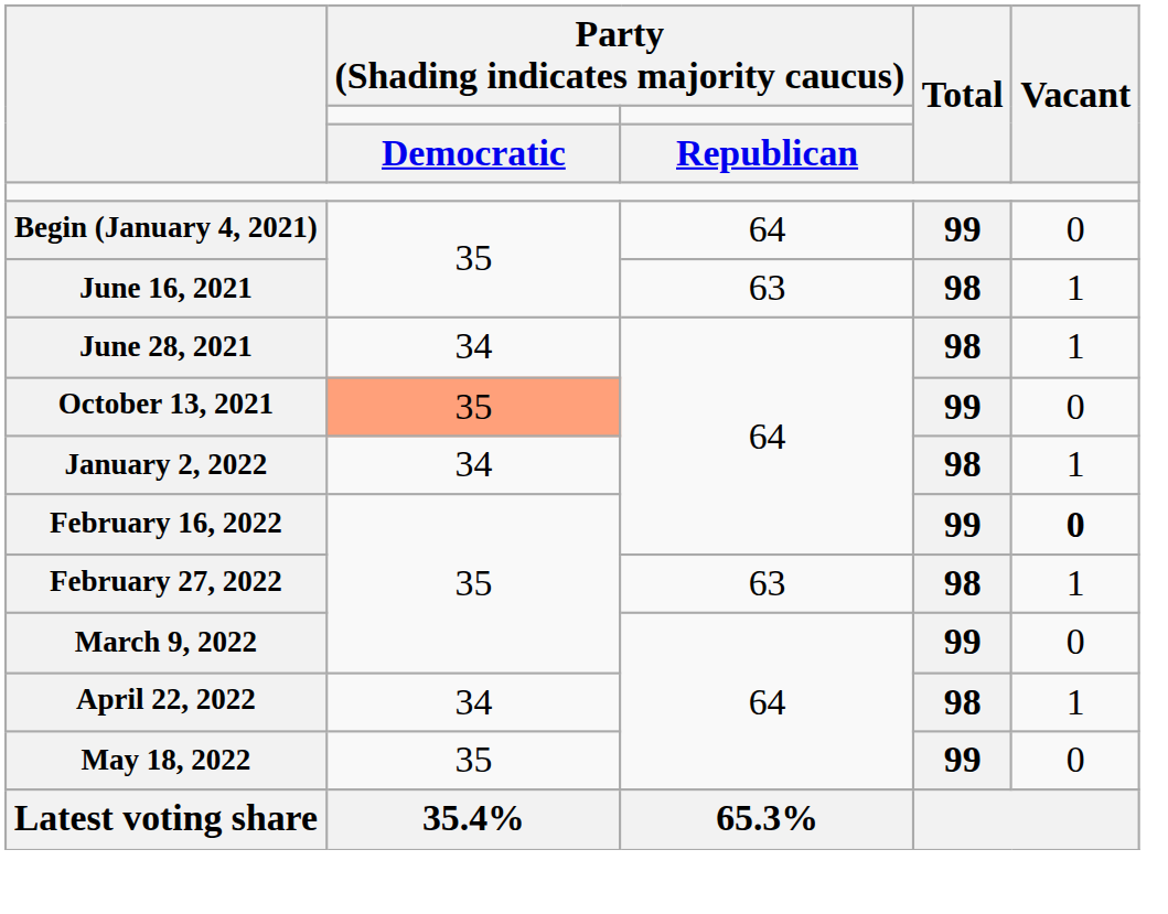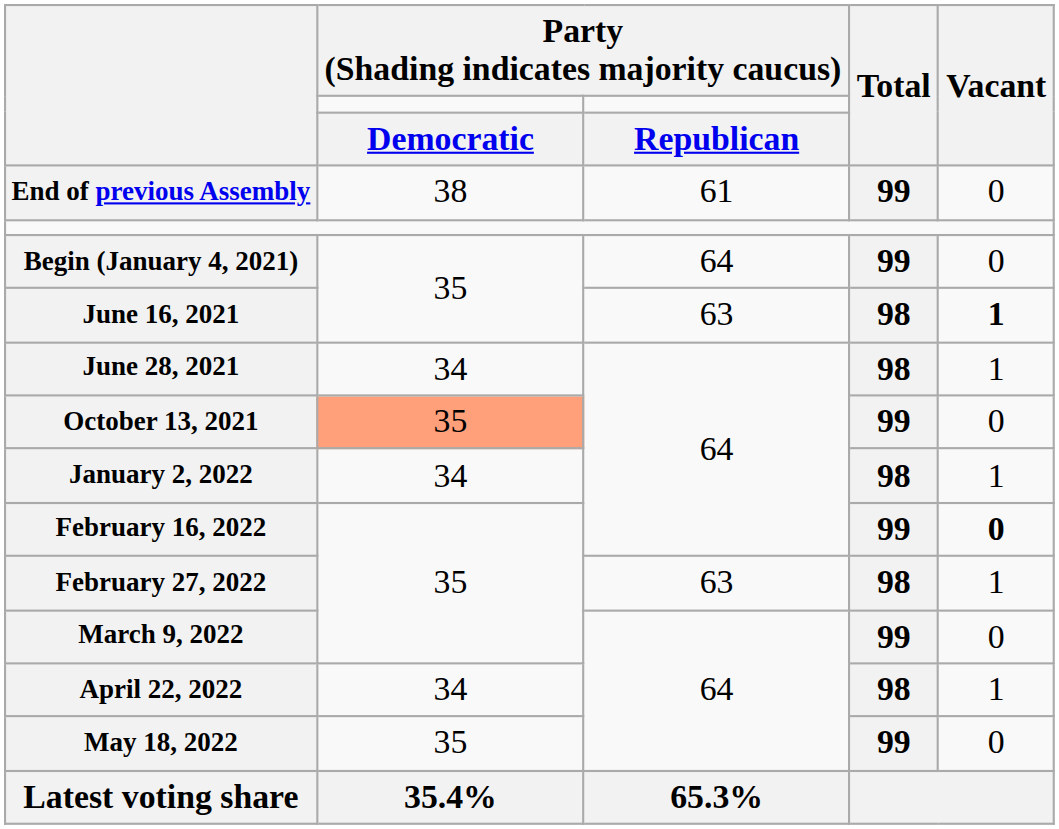 <table class="wikitable" style="text-align:center">
 <tr>
 <th rowspan="3"></th>
 <th colspan="2">Party <div>(Shading indicates majority caucus)</div></th>
 <th rowspan="3">Total</th>
 <th rowspan="3">Vacant</th>
 </tr>
 <tr style="height:5px">
 <td style="background-color:"></td>
 <td style="background-color:"></td>
 </tr>
 <tr>
 <th><a href='#'>Democratic</a></th>
 <th><a href='#'>Republican</a></th>
 </tr>
 <tr>
+<th nowrap="" style="font-size:80%">End of <a href='#'>previous Assembly</a></th>
+<td>38</td>
+<td>61</td>
+<th>99</th>
+<td>0</td>
+</tr>
+<tr>
 <td colspan="5"></td>
 </tr>
 <tr>
 <th nowrap="" style="font-size:80%">Begin (January 4, 2021)</th>
 <td rowspan="2">35</td>
 <td>64</td>
 <th>99</th>
 <td>0</td>
 </tr>
 <tr>
 <th nowrap="" style="font-size:80%">June 16, 2021</th>
 <td>63</td>
 <th>98</th>
-<td>1</td>
+<td><strong>1</strong></td>
 </tr>
 <tr>
 <th nowrap="" style="font-size:80%">June 28, 2021</th>
 <td>34</td>
 <td rowspan="4" >64</td>
 <th>98</th>
 <td>1</td>
 </tr>
 <tr>
 <th nowrap="" style="font-size:80%">October 13, 2021</th>
 <td style="background: lightsalmon;">35</td>
 <th>99</th>
 <td>0</td>
 </tr>
 <tr>
 <th style="font-size:80%">January 2, 2022</th>
 <td>34</td>
 <th>98</th>
 <td>1</td>
 </tr>
 <tr>
 <th style="font-size:80%">February 16, 2022</th>
 <td rowspan="3">35</td>
 <th>99</th>
 <td><strong>0</strong></td>
 </tr>
 <tr>
 <th style="font-size:80%">February 27, 2022</th>
 <td>63</td>
 <th>98</th>
 <td>1</td>
 </tr>
 <tr>
 <th style="font-size:80%">March 9, 2022</th>
 <td rowspan="3" >64</td>
 <th>99</th>
 <td>0</td>
 </tr>
 <tr>
 <th style="font-size:80%">April 22, 2022</th>
 <td>34</td>
 <th>98</th>
 <td>1</td>
 </tr>
 <tr>
 <th style="font-size:80%">May 18, 2022</th>
 <td>35</td>
 <th>99</th>
 <td>0</td>
 </tr>
 <tr>
 <th>Latest voting share</th>
 <th>35.4%</th>
 <th>65.3%</th>
 <th colspan="2"></th>
 </tr>
 </table>
